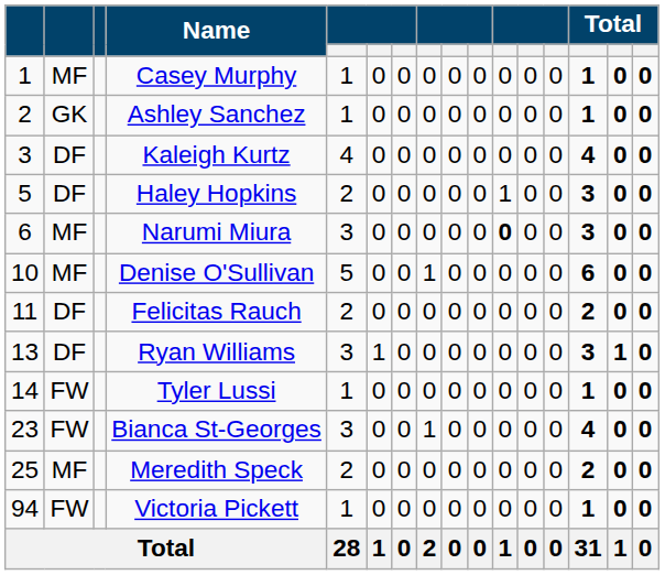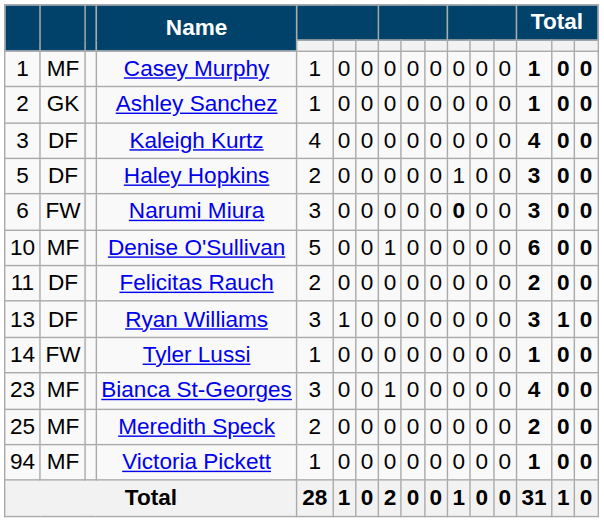 <table class="wikitable sortable" style="text-align:center;">
 <tr>
 <th rowspan="2" style="background:#01426A; color:white;"></th>
 <th rowspan="2" style="background:#01426A; color:white;"></th>
 <th rowspan="2" style="background:#01426A; color:white;"></th>
 <th rowspan="2" style="background:#01426A; color:white;">Name</th>
 <th colspan="3" style="background:#01426A; color:white;"></th>
 <th colspan="3" style="background:#01426A; color:white;"></th>
 <th colspan="3" style="background:#01426A; color:white;"></th>
 <th colspan="3" style="background:#01426A; color:white;">Total</th>
 </tr>
 <tr>
 <th></th>
 <th></th>
 <th></th>
 <th></th>
 <th></th>
 <th></th>
 <th></th>
 <th></th>
 <th></th>
 <th></th>
 <th></th>
 <th></th>
 </tr>
 <tr>
 <td>1</td>
 <td>MF</td>
 <td></td>
 <td><a href='#'>Casey Murphy</a></td>
 <td>1</td>
 <td>0</td>
 <td>0</td>
 <td>0</td>
 <td>0</td>
 <td>0</td>
 <td>0</td>
 <td>0</td>
 <td>0</td>
 <td><strong>1</strong></td>
 <td><strong>0</strong></td>
 <td><strong>0</strong></td>
 </tr>
 <tr>
 <td>2</td>
 <td>GK</td>
 <td></td>
 <td><a href='#'>Ashley Sanchez</a></td>
 <td>1</td>
 <td>0</td>
 <td>0</td>
 <td>0</td>
 <td>0</td>
 <td>0</td>
 <td>0</td>
 <td>0</td>
 <td>0</td>
 <td><strong>1</strong></td>
 <td><strong>0</strong></td>
 <td><strong>0</strong></td>
 </tr>
 <tr>
 <td>3</td>
 <td>DF</td>
 <td></td>
 <td><a href='#'>Kaleigh Kurtz</a></td>
 <td>4</td>
 <td>0</td>
 <td>0</td>
 <td>0</td>
 <td>0</td>
 <td>0</td>
 <td>0</td>
 <td>0</td>
 <td>0</td>
 <td><strong>4</strong></td>
 <td><strong>0</strong></td>
 <td><strong>0</strong></td>
 </tr>
 <tr>
 <td>5</td>
 <td>DF</td>
 <td></td>
 <td><a href='#'>Haley Hopkins</a></td>
 <td>2</td>
 <td>0</td>
 <td>0</td>
 <td>0</td>
 <td>0</td>
 <td>0</td>
 <td>1</td>
 <td>0</td>
 <td>0</td>
 <td><strong>3</strong></td>
 <td><strong>0</strong></td>
 <td><strong>0</strong></td>
 </tr>
 <tr>
 <td>6</td>
-<td>MF</td>
+<td>FW</td>
 <td></td>
 <td><a href='#'>Narumi Miura</a></td>
 <td>3</td>
 <td>0</td>
 <td>0</td>
 <td>0</td>
 <td>0</td>
 <td>0</td>
 <td><strong>0</strong></td>
 <td>0</td>
 <td>0</td>
 <td><strong>3</strong></td>
 <td><strong>0</strong></td>
 <td><strong>0</strong></td>
 </tr>
 <tr>
 <td>10</td>
 <td>MF</td>
 <td></td>
 <td><a href='#'>Denise O'Sullivan</a></td>
 <td>5</td>
 <td>0</td>
 <td>0</td>
 <td>1</td>
 <td>0</td>
 <td>0</td>
 <td>0</td>
 <td>0</td>
 <td>0</td>
 <td><strong>6</strong></td>
 <td><strong>0</strong></td>
 <td><strong>0</strong></td>
 </tr>
 <tr>
 <td>11</td>
 <td>DF</td>
 <td></td>
 <td><a href='#'>Felicitas Rauch</a></td>
 <td>2</td>
 <td>0</td>
 <td>0</td>
 <td>0</td>
 <td>0</td>
 <td>0</td>
 <td>0</td>
 <td>0</td>
 <td>0</td>
 <td><strong>2</strong></td>
 <td><strong>0</strong></td>
 <td><strong>0</strong></td>
 </tr>
 <tr>
 <td>13</td>
 <td>DF</td>
 <td></td>
 <td><a href='#'>Ryan Williams</a></td>
 <td>3</td>
 <td>1</td>
 <td>0</td>
 <td>0</td>
 <td>0</td>
 <td>0</td>
 <td>0</td>
 <td>0</td>
 <td>0</td>
 <td><strong>3</strong></td>
 <td><strong>1</strong></td>
 <td><strong>0</strong></td>
 </tr>
 <tr>
 <td>14</td>
 <td>FW</td>
 <td></td>
 <td><a href='#'>Tyler Lussi</a></td>
 <td>1</td>
 <td>0</td>
 <td>0</td>
 <td>0</td>
 <td>0</td>
 <td>0</td>
 <td>0</td>
 <td>0</td>
 <td>0</td>
 <td><strong>1</strong></td>
 <td><strong>0</strong></td>
 <td><strong>0</strong></td>
 </tr>
 <tr>
 <td>23</td>
-<td>FW</td>
+<td>MF</td>
 <td></td>
 <td><a href='#'>Bianca St-Georges</a></td>
 <td>3</td>
 <td>0</td>
 <td>0</td>
 <td>1</td>
 <td>0</td>
 <td>0</td>
 <td>0</td>
 <td>0</td>
 <td>0</td>
 <td><strong>4</strong></td>
 <td><strong>0</strong></td>
 <td><strong>0</strong></td>
 </tr>
 <tr>
 <td>25</td>
 <td>MF</td>
 <td></td>
 <td><a href='#'>Meredith Speck</a></td>
 <td>2</td>
 <td>0</td>
 <td>0</td>
 <td>0</td>
 <td>0</td>
 <td>0</td>
 <td>0</td>
 <td>0</td>
 <td>0</td>
 <td><strong>2</strong></td>
 <td><strong>0</strong></td>
 <td><strong>0</strong></td>
 </tr>
 <tr>
 <td>94</td>
-<td>FW</td>
+<td>MF</td>
 <td></td>
 <td><a href='#'>Victoria Pickett</a></td>
 <td>1</td>
 <td>0</td>
 <td>0</td>
 <td>0</td>
 <td>0</td>
 <td>0</td>
 <td>0</td>
 <td>0</td>
 <td>0</td>
 <td><strong>1</strong></td>
 <td><strong>0</strong></td>
 <td><strong>0</strong></td>
 </tr>
 <tr>
 <th colspan="4">Total</th>
 <th>28</th>
 <th>1</th>
 <th>0</th>
 <th>2</th>
 <th>0</th>
 <th>0</th>
 <th>1</th>
 <th>0</th>
 <th>0</th>
 <th>31</th>
 <th>1</th>
 <th>0</th>
 </tr>
 </table>
